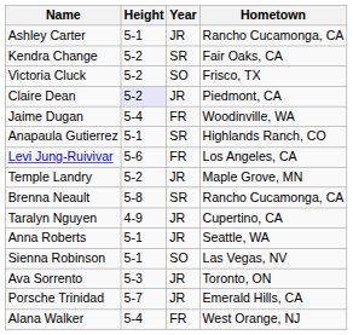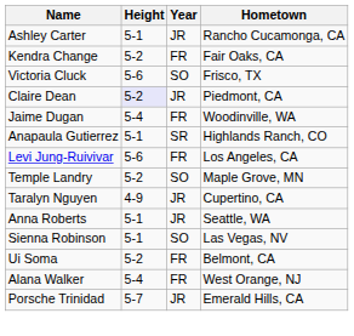 <table class="wikitable">
 <tr>
 <th>Name</th>
 <th>Height</th>
 <th>Year</th>
 <th>Hometown</th>
 </tr>
 <tr>
 <td>Ashley Carter</td>
 <td>5-1</td>
 <td>JR</td>
 <td>Rancho Cucamonga, CA</td>
 </tr>
 <tr>
 <td>Kendra Change</td>
 <td>5-2</td>
-<td>SR</td>
+<td>FR</td>
 <td>Fair Oaks, CA</td>
 </tr>
 <tr>
 <td>Victoria Cluck</td>
-<td>5-2</td>
+<td>5-6</td>
 <td>SO</td>
 <td>Frisco, TX</td>
 </tr>
 <tr>
 <td>Claire Dean</td>
 <td style="background: lavender;">5-2</td>
 <td>JR</td>
 <td>Piedmont, CA</td>
 </tr>
 <tr>
 <td>Jaime Dugan</td>
 <td>5-4</td>
 <td>FR</td>
 <td>Woodinville, WA</td>
 </tr>
 <tr>
 <td>Anapaula Gutierrez</td>
 <td>5-1</td>
 <td>SR</td>
 <td>Highlands Ranch, CO</td>
 </tr>
 <tr>
 <td><a href='#'>Levi Jung-Ruivivar</a></td>
 <td>5-6</td>
 <td>FR</td>
 <td>Los Angeles, CA</td>
 </tr>
 <tr>
 <td>Temple Landry</td>
 <td>5-2</td>
-<td>JR</td>
+<td>SO</td>
 <td>Maple Grove, MN</td>
-</tr>
-<tr>
-<td>Brenna Neault</td>
-<td>5-8</td>
-<td>SR</td>
-<td>Rancho Cucamonga, CA</td>
 </tr>
 <tr>
 <td>Taralyn Nguyen</td>
 <td>4-9</td>
 <td>JR</td>
 <td>Cupertino, CA</td>
 </tr>
 <tr>
 <td>Anna Roberts</td>
 <td>5-1</td>
 <td>JR</td>
 <td>Seattle, WA</td>
 </tr>
 <tr>
 <td>Sienna Robinson</td>
 <td>5-1</td>
 <td>SO</td>
 <td>Las Vegas, NV</td>
 </tr>
 <tr>
-<td>Ava Sorrento</td>
-<td>5-3</td>
-<td>JR</td>
-<td>Toronto, ON</td>
+<td>Ui Soma</td>
+<td>5-2</td>
+<td>FR</td>
+<td>Belmont, CA</td>
+</tr>
+<tr>
+<td>Alana Walker</td>
+<td>5-4</td>
+<td>FR</td>
+<td>West Orange, NJ</td>
 </tr>
 <tr>
 <td>Porsche Trinidad</td>
 <td>5-7</td>
 <td>JR</td>
 <td>Emerald Hills, CA</td>
 </tr>
-<tr>
-<td>Alana Walker</td>
-<td>5-4</td>
-<td>FR</td>
-<td>West Orange, NJ</td>
-</tr>
 </table>
